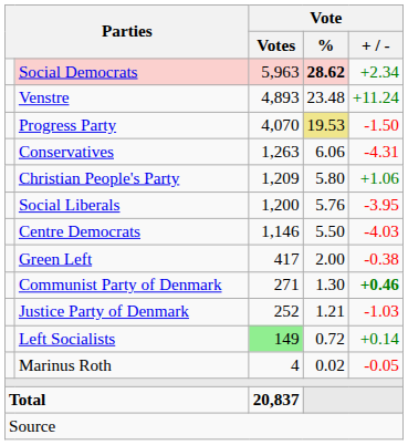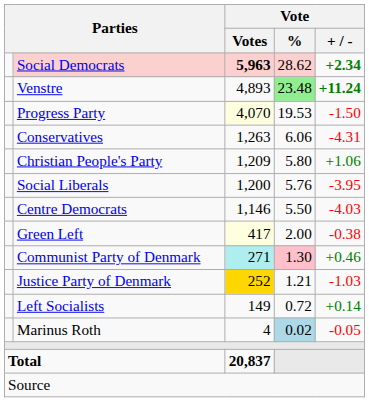 <table class="wikitable" style="text-align:right;">
 <tr>
 <th style="text-align:centre;" rowspan="2" colspan="2" width="225">Parties</th>
 <th colspan="3">Vote</th>
 </tr>
 <tr>
 <th width="15">Votes</th>
 <th width="15">%</th>
 <th width="15">+ / -</th>
 </tr>
 <tr>
 <td width="2" style="color:inherit;background:"></td>
 <td bgcolor=#fbd0ce  align="left"><a href='#'>Social Democrats</a></td>
-<td bgcolor=#fbd0ce>5,963</td>
-<td bgcolor=#fbd0ce><strong>28.62</strong></td>
-<td style=color:green;>+2.34</td>
+<td bgcolor=#fbd0ce><strong>5,963</strong></td>
+<td bgcolor=#fbd0ce>28.62</td>
+<td style=color:green;><strong>+2.34</strong></td>
 </tr>
 <tr>
 <td width="2" style="color:inherit;background:"></td>
 <td align="left"><a href='#'>Venstre</a></td>
 <td>4,893</td>
-<td>23.48</td>
-<td style=color:green;>+11.24</td>
+<td style="background: lightgreen;">23.48</td>
+<td style=color:green;><strong>+11.24</strong></td>
 </tr>
 <tr>
 <td width="2" style="color:inherit;background:"></td>
 <td align="left"><a href='#'>Progress Party</a></td>
-<td>4,070</td>
-<td style="background: khaki;">19.53</td>
+<td style="background: lightyellow;">4,070</td>
+<td>19.53</td>
 <td style=color:red;>-1.50</td>
 </tr>
 <tr>
 <td width="2" style="color:inherit;background:"></td>
 <td align="left"><a href='#'>Conservatives</a></td>
 <td>1,263</td>
 <td>6.06</td>
 <td style=color:red;>-4.31</td>
 </tr>
 <tr>
 <td width="2" style="color:inherit;background:"></td>
 <td align="left"><a href='#'>Christian People's Party</a></td>
 <td>1,209</td>
 <td>5.80</td>
 <td style=color:green;>+1.06</td>
 </tr>
 <tr>
 <td width="2" style="color:inherit;background:"></td>
 <td align="left"><a href='#'>Social Liberals</a></td>
 <td>1,200</td>
 <td>5.76</td>
 <td style=color:red;>-3.95</td>
 </tr>
 <tr>
 <td width="2" style="color:inherit;background:"></td>
 <td align="left"><a href='#'>Centre Democrats</a></td>
 <td>1,146</td>
 <td>5.50</td>
 <td style=color:red;>-4.03</td>
 </tr>
 <tr>
 <td width="2" style="color:inherit;background:"></td>
 <td align="left"><a href='#'>Green Left</a></td>
-<td>417</td>
+<td style="background: lightyellow;">417</td>
 <td>2.00</td>
 <td style=color:red;>-0.38</td>
 </tr>
 <tr>
 <td width="2" style="color:inherit;background:"></td>
 <td align="left"><a href='#'>Communist Party of Denmark</a></td>
-<td>271</td>
-<td>1.30</td>
-<td style=color:green;><strong>+0.46</strong></td>
+<td style="background: paleturquoise;">271</td>
+<td style="background: pink;">1.30</td>
+<td style=color:green;>+0.46</td>
 </tr>
 <tr>
 <td width="2" style="color:inherit;background:"></td>
 <td align="left"><a href='#'>Justice Party of Denmark</a></td>
-<td>252</td>
+<td style="background: gold;">252</td>
 <td>1.21</td>
 <td style=color:red;>-1.03</td>
 </tr>
 <tr>
 <td width="2" style="color:inherit;background:"></td>
 <td align="left"><a href='#'>Left Socialists</a></td>
-<td style="background: lightgreen;">149</td>
+<td>149</td>
 <td>0.72</td>
 <td style=color:green;>+0.14</td>
 </tr>
 <tr>
 <td width="2" style="color:inherit;background:"></td>
 <td align="left">Marinus Roth</td>
 <td>4</td>
-<td>0.02</td>
+<td style="background: lightblue;">0.02</td>
 <td style=color:red;>-0.05</td>
 </tr>
 <tr>
 <td colspan="7" bgcolor="#E9E9E9"></td>
 </tr>
 <tr>
 <td align="left" colspan="2"><strong>Total</strong></td>
 <td><strong>20,837</strong></td>
 <td bgcolor="#E9E9E9" colspan="2"></td>
 </tr>
 <tr>
 <td align="left" colspan="6">Source</td>
 </tr>
 </table>
